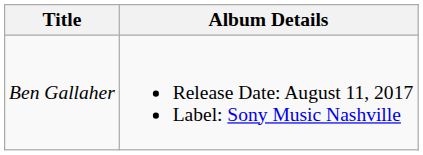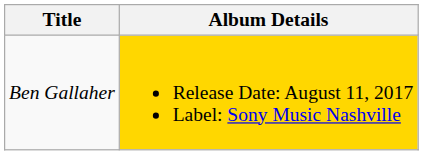 <table class="wikitable">
 <tr>
 <th>Title</th>
 <th>Album Details</th>
 </tr>
 <tr>
 <td><em>Ben Gallaher</em></td>
-<td><br><ul><li>Release Date: August 11, 2017</li><li>Label: <a href='#'>Sony Music Nashville</a></li></ul></td>
+<td style="background: gold;"><br><ul><li>Release Date: August 11, 2017</li><li>Label: <a href='#'>Sony Music Nashville</a></li></ul></td>
 </tr>
 </table>
